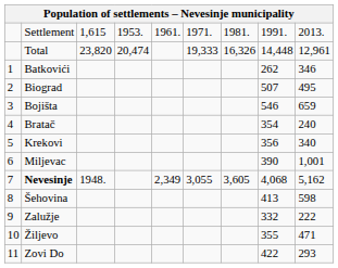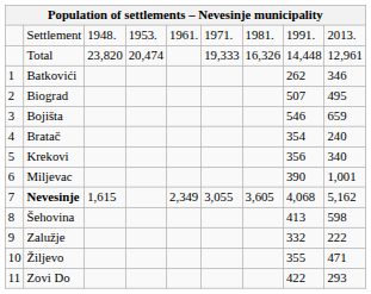 <table class="wikitable">
 <tr>
 <th colspan="9">Population of settlements – Nevesinje municipality</th>
 </tr>
 <tr>
 <td></td>
 <td>Settlement</td>
-<td>1,615</td>
+<td>1948.</td>
 <td>1953.</td>
 <td>1961.</td>
 <td>1971.</td>
 <td>1981.</td>
 <td>1991.</td>
 <td>2013.</td>
 </tr>
 <tr>
 <td></td>
 <td>Total</td>
 <td>23,820</td>
 <td>20,474</td>
 <td></td>
 <td>19,333</td>
 <td>16,326</td>
 <td>14,448</td>
 <td>12,961</td>
 </tr>
 <tr>
 <td>1</td>
 <td>Batkovići</td>
 <td></td>
 <td></td>
 <td></td>
 <td></td>
 <td></td>
 <td>262</td>
 <td>346</td>
 </tr>
 <tr>
 <td>2</td>
 <td>Biograd</td>
 <td></td>
 <td></td>
 <td></td>
 <td></td>
 <td></td>
 <td>507</td>
 <td>495</td>
 </tr>
 <tr>
 <td>3</td>
 <td>Bojišta</td>
 <td></td>
 <td></td>
 <td></td>
 <td></td>
 <td></td>
 <td>546</td>
 <td>659</td>
 </tr>
 <tr>
 <td>4</td>
 <td>Bratač</td>
 <td></td>
 <td></td>
 <td></td>
 <td></td>
 <td></td>
 <td>354</td>
 <td>240</td>
 </tr>
 <tr>
 <td>5</td>
 <td>Krekovi</td>
 <td></td>
 <td></td>
 <td></td>
 <td></td>
 <td></td>
 <td>356</td>
 <td>340</td>
 </tr>
 <tr>
 <td>6</td>
 <td>Miljevac</td>
 <td></td>
 <td></td>
 <td></td>
 <td></td>
 <td></td>
 <td>390</td>
 <td>1,001</td>
 </tr>
 <tr>
 <td>7</td>
 <td><strong>Nevesinje</strong></td>
-<td>1948.</td>
+<td>1,615</td>
 <td></td>
 <td>2,349</td>
 <td>3,055</td>
 <td>3,605</td>
 <td>4,068</td>
 <td>5,162</td>
 </tr>
 <tr>
 <td>8</td>
 <td>Šehovina</td>
 <td></td>
 <td></td>
 <td></td>
 <td></td>
 <td></td>
 <td>413</td>
 <td>598</td>
 </tr>
 <tr>
 <td>9</td>
 <td>Zalužje</td>
 <td></td>
 <td></td>
 <td></td>
 <td></td>
 <td></td>
 <td>332</td>
 <td>222</td>
 </tr>
 <tr>
 <td>10</td>
 <td>Žiljevo</td>
 <td></td>
 <td></td>
 <td></td>
 <td></td>
 <td></td>
 <td>355</td>
 <td>471</td>
 </tr>
 <tr>
 <td>11</td>
 <td>Zovi Do</td>
 <td></td>
 <td></td>
 <td></td>
 <td></td>
 <td></td>
 <td>422</td>
 <td>293</td>
 </tr>
 </table>
